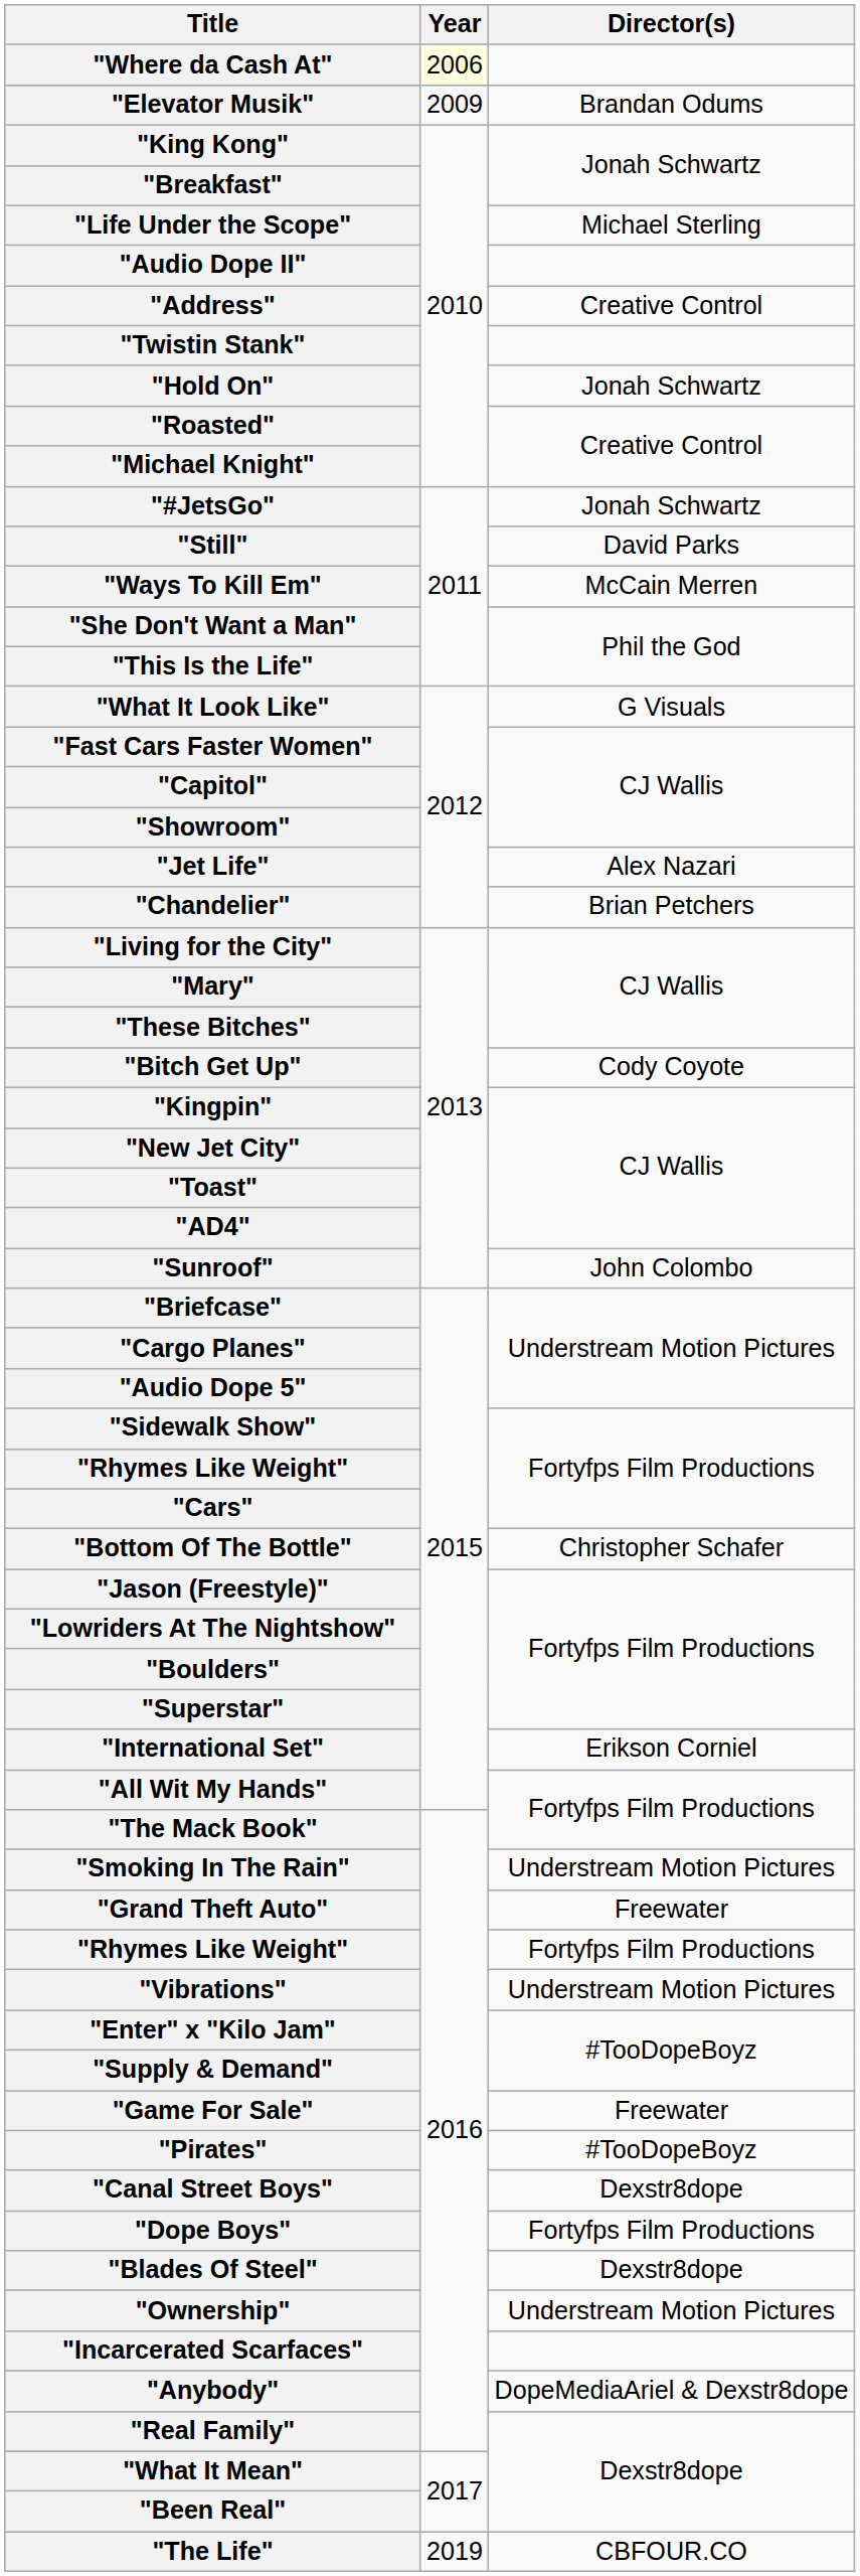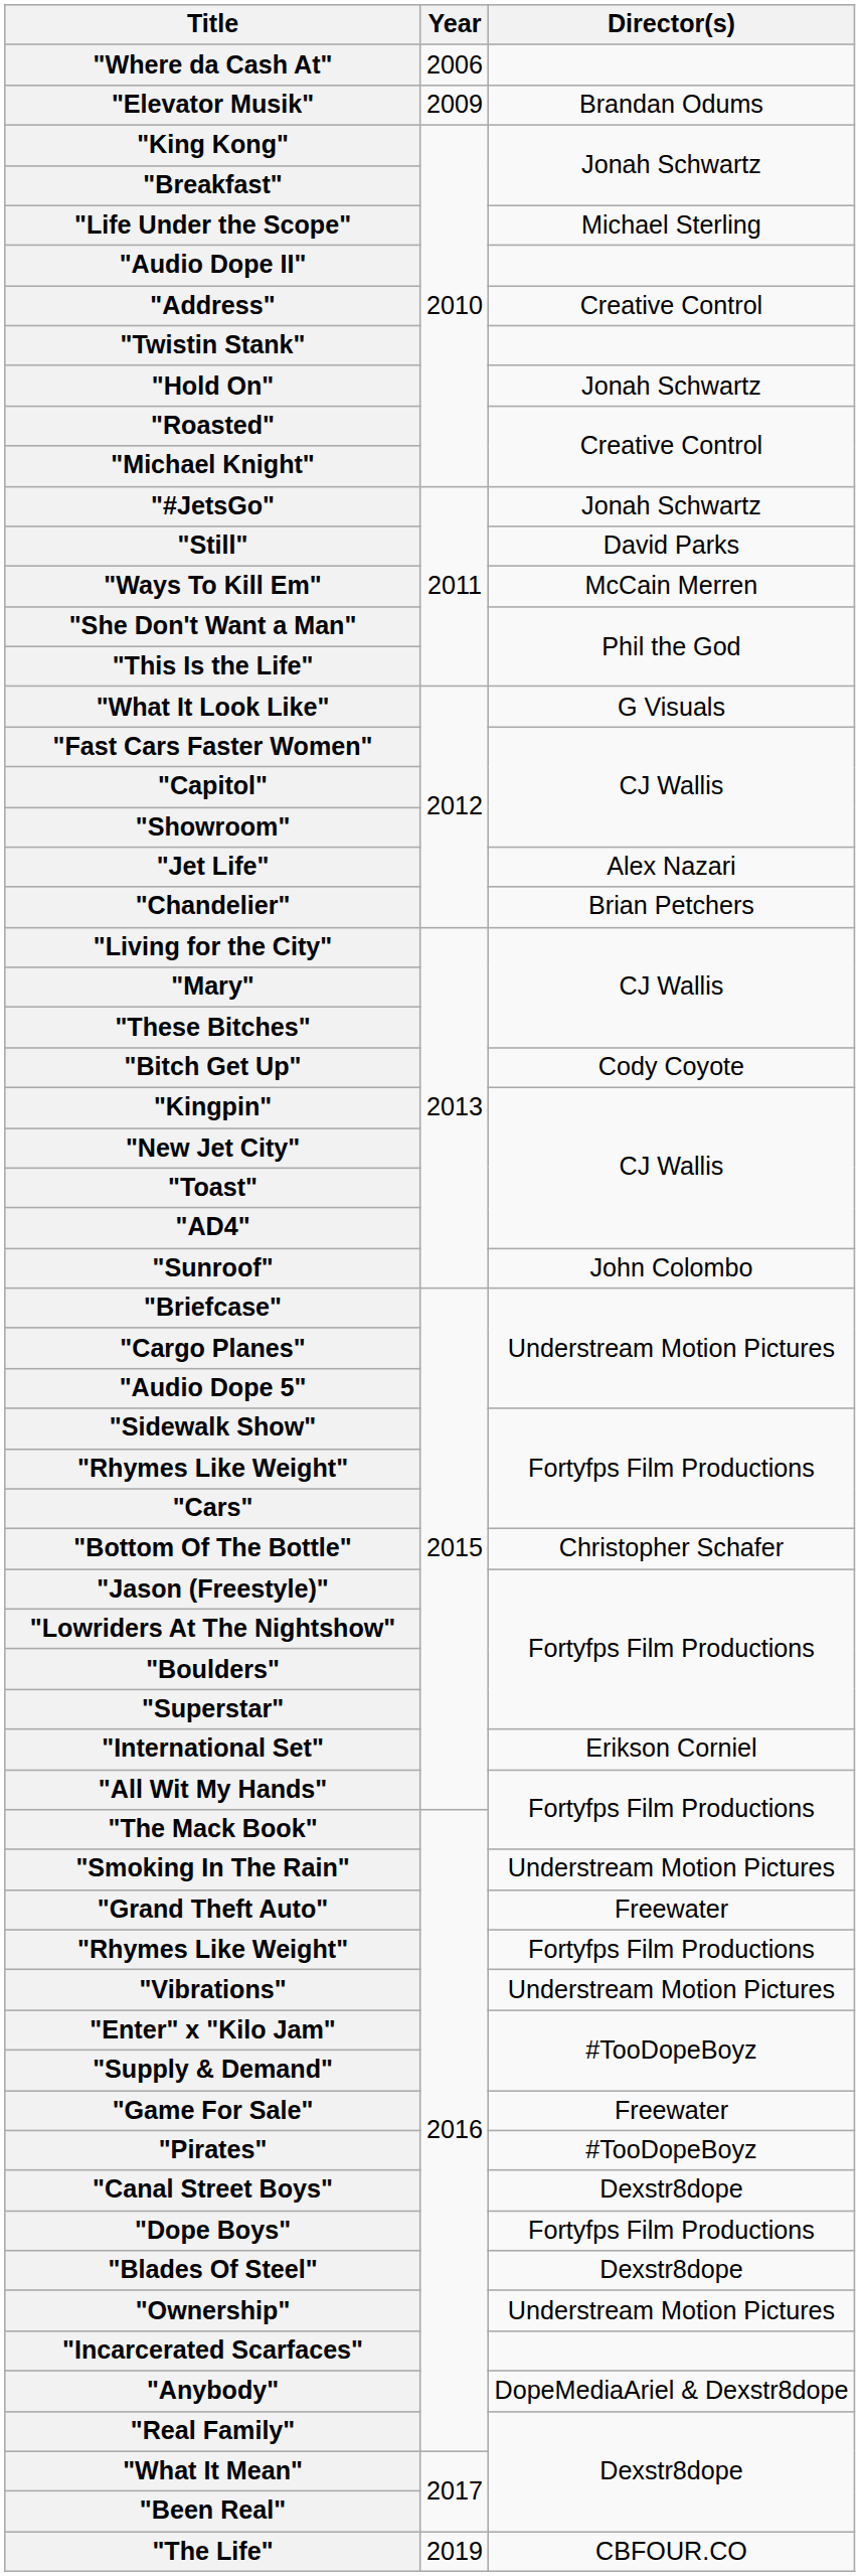 <table class="wikitable plainrowheaders" style="text-align:center;">
 <tr>
 <th scope="col" style="width:16em;">Title</th>
 <th scope="col">Year</th>
 <th scope="col">Director(s)</th>
 </tr>
 <tr>
 <th scope="row">"Where da Cash At"<br></th>
-<td style="background: lightyellow;">2006</td>
+<td>2006</td>
 <td></td>
 </tr>
 <tr>
 <th scope="row">"Elevator Musik"</th>
 <td>2009</td>
 <td>Brandan Odums</td>
 </tr>
 <tr>
 <th scope="row">"King Kong"</th>
 <td rowspan="9">2010</td>
 <td rowspan="2">Jonah Schwartz</td>
 </tr>
 <tr>
 <th scope="row">"Breakfast"</th>
 </tr>
 <tr>
 <th scope="row">"Life Under the Scope"</th>
 <td>Michael Sterling</td>
 </tr>
 <tr>
 <th scope="row">"Audio Dope II"</th>
 <td></td>
 </tr>
 <tr>
 <th scope="row">"Address"</th>
 <td>Creative Control</td>
 </tr>
 <tr>
 <th scope="row">"Twistin Stank"</th>
 <td></td>
 </tr>
 <tr>
 <th scope="row">"Hold On"</th>
 <td>Jonah Schwartz</td>
 </tr>
 <tr>
 <th scope="row">"Roasted"</th>
 <td rowspan="2">Creative Control</td>
 </tr>
 <tr>
 <th scope="row">"Michael Knight"</th>
 </tr>
 <tr>
 <th scope="row">"#JetsGo"</th>
 <td rowspan="5">2011</td>
 <td>Jonah Schwartz</td>
 </tr>
 <tr>
 <th scope="row">"Still"</th>
 <td>David Parks</td>
 </tr>
 <tr>
 <th scope="row">"Ways To Kill Em"</th>
 <td>McCain Merren</td>
 </tr>
 <tr>
 <th scope="row">"She Don't Want a Man"</th>
 <td rowspan="2">Phil the God</td>
 </tr>
 <tr>
 <th scope="row">"This Is the Life"</th>
 </tr>
 <tr>
 <th scope="row">"What It Look Like"<br></th>
 <td rowspan="6">2012</td>
 <td>G Visuals</td>
 </tr>
 <tr>
 <th scope="row">"Fast Cars Faster Women"<br></th>
 <td rowspan="3">CJ Wallis</td>
 </tr>
 <tr>
 <th scope="row">"Capitol"<br></th>
 </tr>
 <tr>
 <th scope="row">"Showroom"</th>
 </tr>
 <tr>
 <th scope="row">"Jet Life"<br></th>
 <td>Alex Nazari</td>
 </tr>
 <tr>
 <th scope="row">"Chandelier"</th>
 <td>Brian Petchers</td>
 </tr>
 <tr>
 <th scope="row">"Living for the City"<br></th>
 <td rowspan="9">2013</td>
 <td rowspan="3">CJ Wallis</td>
 </tr>
 <tr>
 <th scope="row">"Mary"</th>
 </tr>
 <tr>
 <th scope="row">"These Bitches"<br></th>
 </tr>
 <tr>
 <th scope="row">"Bitch Get Up"<br></th>
 <td>Cody Coyote</td>
 </tr>
 <tr>
 <th scope="row">"Kingpin"</th>
 <td rowspan="4">CJ Wallis</td>
 </tr>
 <tr>
 <th scope="row">"New Jet City"</th>
 </tr>
 <tr>
 <th scope="row">"Toast"<br></th>
 </tr>
 <tr>
 <th scope="row">"AD4"<br></th>
 </tr>
 <tr>
 <th scope="row">"Sunroof"<br></th>
 <td>John Colombo</td>
 </tr>
 <tr>
 <th scope="row">"Briefcase"</th>
 <td rowspan="13">2015</td>
 <td rowspan="3">Understream Motion Pictures</td>
 </tr>
 <tr>
 <th scope="row">"Cargo Planes"</th>
 </tr>
 <tr>
 <th scope="row">"Audio Dope 5"</th>
 </tr>
 <tr>
 <th scope="row">"Sidewalk Show"</th>
 <td rowspan="3">Fortyfps Film Productions</td>
 </tr>
 <tr>
 <th scope="row">"Rhymes Like Weight"</th>
 </tr>
 <tr>
 <th scope="row">"Cars"</th>
 </tr>
 <tr>
 <th scope="row">"Bottom Of The Bottle" <br></th>
 <td>Christopher Schafer</td>
 </tr>
 <tr>
 <th scope="row">"Jason (Freestyle)"</th>
 <td rowspan="4">Fortyfps Film Productions</td>
 </tr>
 <tr>
 <th scope="row">"Lowriders At The Nightshow"</th>
 </tr>
 <tr>
 <th scope="row">"Boulders"</th>
 </tr>
 <tr>
 <th scope="row">"Superstar" <br></th>
 </tr>
 <tr>
 <th scope="row">"International Set"</th>
 <td>Erikson Corniel</td>
 </tr>
 <tr>
 <th scope="row">"All Wit My Hands"</th>
 <td rowspan="2">Fortyfps Film Productions</td>
 </tr>
 <tr>
 <th scope="row">"The Mack Book"</th>
 <td rowspan="16">2016</td>
 </tr>
 <tr>
 <th scope="row">"Smoking In The Rain"</th>
 <td>Understream Motion Pictures</td>
 </tr>
 <tr>
 <th scope="row">"Grand Theft Auto"</th>
 <td>Freewater</td>
 </tr>
 <tr>
 <th scope="row">"Rhymes Like Weight"</th>
 <td>Fortyfps Film Productions</td>
 </tr>
 <tr>
 <th scope="row">"Vibrations"</th>
 <td>Understream Motion Pictures</td>
 </tr>
 <tr>
 <th scope="row">"Enter" x "Kilo Jam"</th>
 <td rowspan="2">#TooDopeBoyz</td>
 </tr>
 <tr>
 <th scope="row">"Supply & Demand"</th>
 </tr>
 <tr>
 <th scope="row">"Game For Sale"</th>
 <td>Freewater</td>
 </tr>
 <tr>
 <th scope="row">"Pirates"</th>
 <td>#TooDopeBoyz</td>
 </tr>
 <tr>
 <th scope="row">"Canal Street Boys"</th>
 <td>Dexstr8dope</td>
 </tr>
 <tr>
 <th scope="row">"Dope Boys" <br></th>
 <td>Fortyfps Film Productions</td>
 </tr>
 <tr>
 <th scope="row">"Blades Of Steel"</th>
 <td>Dexstr8dope</td>
 </tr>
 <tr>
 <th scope="row">"Ownership"</th>
 <td>Understream Motion Pictures</td>
 </tr>
 <tr>
 <th scope="row">"Incarcerated Scarfaces"</th>
 <td></td>
 </tr>
 <tr>
 <th scope="row">"Anybody"</th>
 <td>DopeMediaAriel & Dexstr8dope</td>
 </tr>
 <tr>
 <th scope="row">"Real Family"</th>
 <td rowspan="3">Dexstr8dope</td>
 </tr>
 <tr>
 <th scope="row">"What It Mean" <br></th>
 <td rowspan="2">2017</td>
 </tr>
 <tr>
 <th scope="row">"Been Real"</th>
 </tr>
 <tr>
 <th scope="row">"The Life" <br></th>
 <td rowspan="1">2019</td>
 <td rowspan="1">CBFOUR.CO</td>
 </tr>
 <tr>
 </tr>
 </table>
